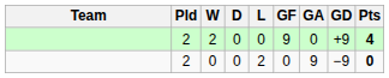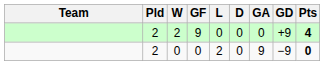 <table class="wikitable" style="text-align:center;">
 <tr>
 <th width=180>Team</th>
 <th width=20>Pld</th>
 <th width=20>W</th>
+<th width=20>GF</th>
+<th width=20>L</th>
 <th width=20>D</th>
-<th width=20>L</th>
-<th width=20>GF</th>
 <th width=20>GA</th>
 <th width=20>GD</th>
 <th width=20>Pts</th>
 </tr>
 <tr bgcolor="ccffcc">
 <td align="left"></td>
 <td>2</td>
 <td>2</td>
+<td>9</td>
 <td>0</td>
 <td>0</td>
-<td>9</td>
 <td>0</td>
 <td>+9</td>
 <td><strong>4</strong></td>
 </tr>
 <tr>
 <td align="left"></td>
 <td>2</td>
 <td>0</td>
 <td>0</td>
 <td>2</td>
 <td>0</td>
 <td>9</td>
 <td>−9</td>
 <td><strong>0</strong></td>
 </tr>
 </table>
